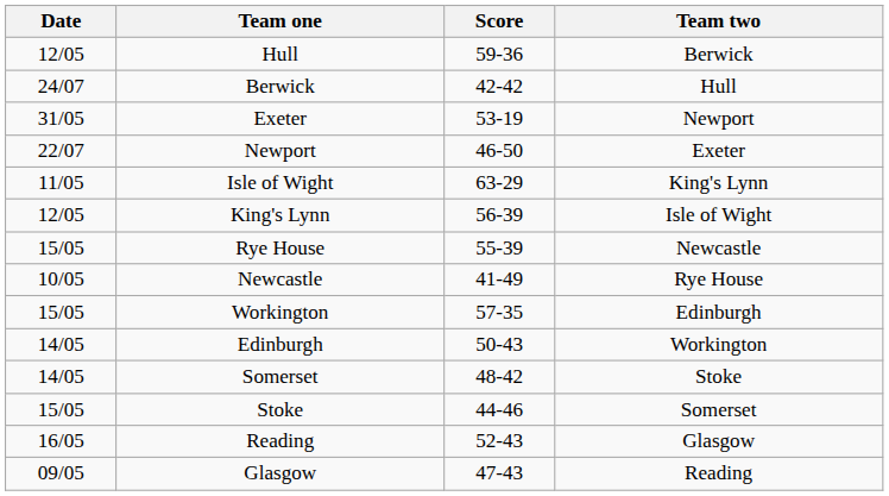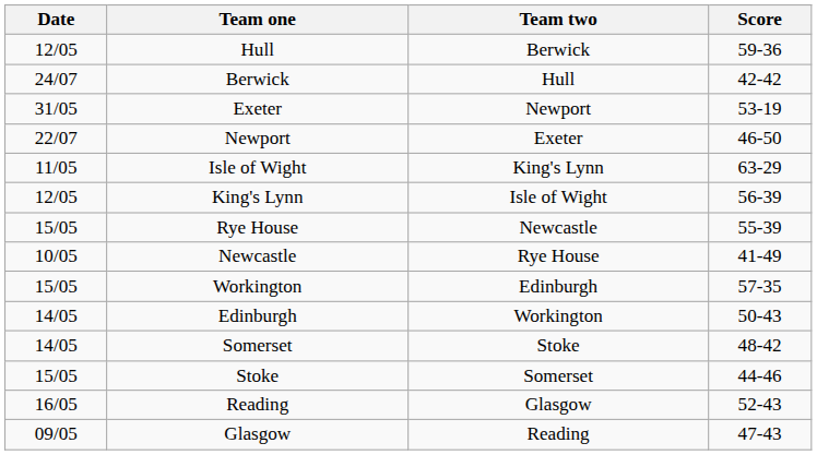 <table class="wikitable" style="text-align: center">
 <tr>
 <th width=80>Date</th>
 <th width=250>Team one</th>
+<th width=250>Team two</th>
 <th width=80>Score</th>
-<th width=250>Team two</th>
 </tr>
 <tr>
 <td>12/05</td>
 <td>Hull</td>
+<td>Berwick</td>
 <td>59-36</td>
-<td>Berwick</td>
 </tr>
 <tr>
 <td>24/07</td>
 <td>Berwick</td>
+<td>Hull</td>
 <td>42-42</td>
-<td>Hull</td>
 </tr>
 <tr>
 <td>31/05</td>
 <td>Exeter</td>
+<td>Newport</td>
 <td>53-19</td>
-<td>Newport</td>
 </tr>
 <tr>
 <td>22/07</td>
 <td>Newport</td>
+<td>Exeter</td>
 <td>46-50</td>
-<td>Exeter</td>
 </tr>
 <tr>
 <td>11/05</td>
 <td>Isle of Wight</td>
+<td>King's Lynn</td>
 <td>63-29</td>
-<td>King's Lynn</td>
 </tr>
 <tr>
 <td>12/05</td>
 <td>King's Lynn</td>
+<td>Isle of Wight</td>
 <td>56-39</td>
-<td>Isle of Wight</td>
 </tr>
 <tr>
 <td>15/05</td>
 <td>Rye House</td>
+<td>Newcastle</td>
 <td>55-39</td>
-<td>Newcastle</td>
 </tr>
 <tr>
 <td>10/05</td>
 <td>Newcastle</td>
+<td>Rye House</td>
 <td>41-49</td>
-<td>Rye House</td>
 </tr>
 <tr>
 <td>15/05</td>
 <td>Workington</td>
+<td>Edinburgh</td>
 <td>57-35</td>
-<td>Edinburgh</td>
 </tr>
 <tr>
 <td>14/05</td>
 <td>Edinburgh</td>
+<td>Workington</td>
 <td>50-43</td>
-<td>Workington</td>
 </tr>
 <tr>
 <td>14/05</td>
 <td>Somerset</td>
+<td>Stoke</td>
 <td>48-42</td>
-<td>Stoke</td>
 </tr>
 <tr>
 <td>15/05</td>
 <td>Stoke</td>
+<td>Somerset</td>
 <td>44-46</td>
-<td>Somerset</td>
 </tr>
 <tr>
 <td>16/05</td>
 <td>Reading</td>
+<td>Glasgow</td>
 <td>52-43</td>
-<td>Glasgow</td>
 </tr>
 <tr>
 <td>09/05</td>
 <td>Glasgow</td>
+<td>Reading</td>
 <td>47-43</td>
-<td>Reading</td>
 </tr>
 </table>
